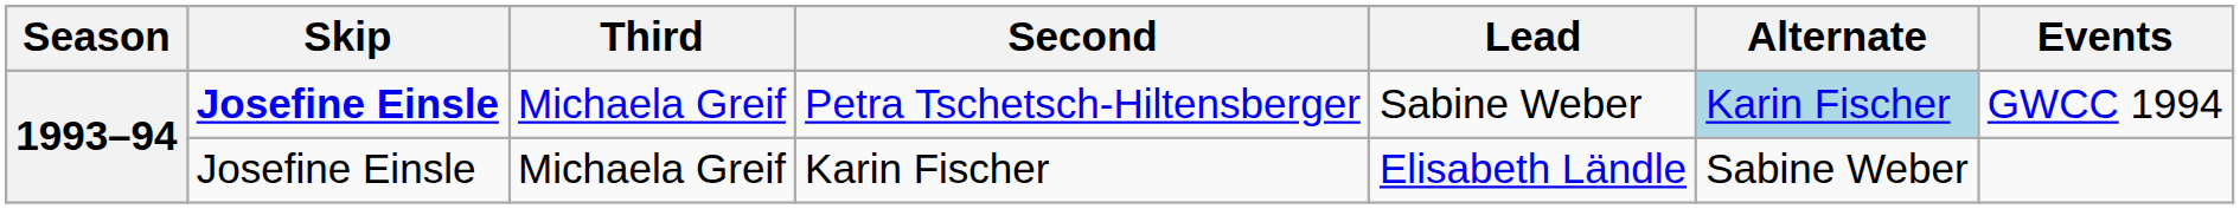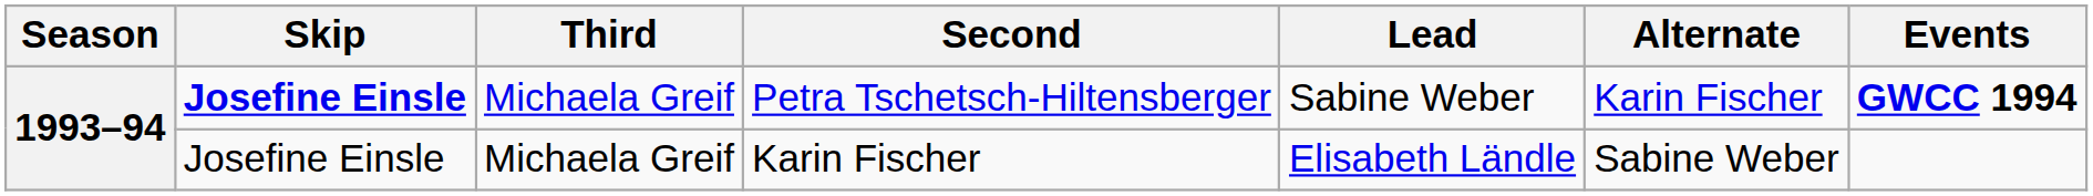 <table class="wikitable">
 <tr>
 <th scope="col">Season</th>
 <th scope="col">Skip</th>
 <th scope="col">Third</th>
 <th scope="col">Second</th>
 <th scope="col">Lead</th>
 <th scope="col">Alternate</th>
 <th scope="col">Events</th>
 </tr>
 <tr>
 <th scope="row" rowspan=2>1993–94</th>
 <td><strong><a href='#'>Josefine Einsle</a></strong></td>
 <td><a href='#'>Michaela Greif</a></td>
 <td><a href='#'>Petra Tschetsch-Hiltensberger</a></td>
 <td>Sabine Weber</td>
-<td style="background: lightblue;"><a href='#'>Karin Fischer</a></td>
-<td><a href='#'>GWCC</a> 1994 </td>
+<td><a href='#'>Karin Fischer</a></td>
+<td><strong><a href='#'>GWCC</a> 1994 </strong></td>
 </tr>
 <tr>
 <td>Josefine Einsle</td>
 <td>Michaela Greif</td>
 <td>Karin Fischer</td>
 <td><a href='#'>Elisabeth Ländle</a></td>
 <td>Sabine Weber</td>
 <td> </td>
 </tr>
 </table>
